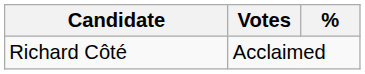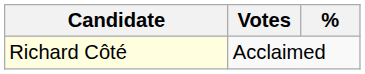 <table class="wikitable">
 <tr>
 <th style="width: 170px">Candidate</th>
 <th style="width: 50px">Votes</th>
 <th style="width: 40px">%</th>
 </tr>
 <tr>
-<td>Richard Côté</td>
+<td style="background: lightyellow;">Richard Côté</td>
 <td colspan=2>Acclaimed</td>
 </tr>
 </table>
